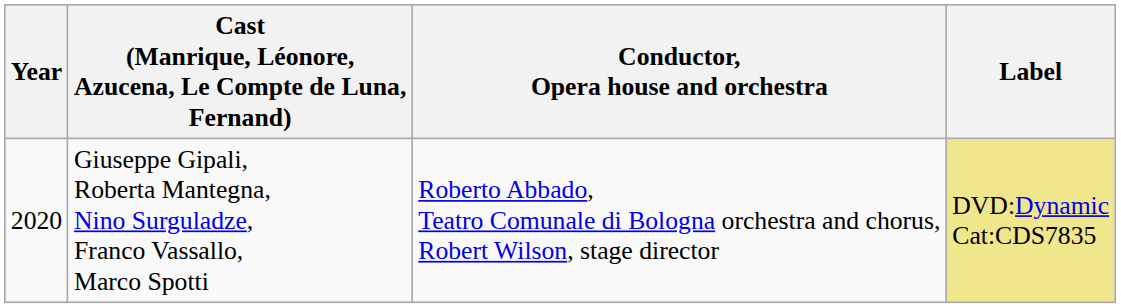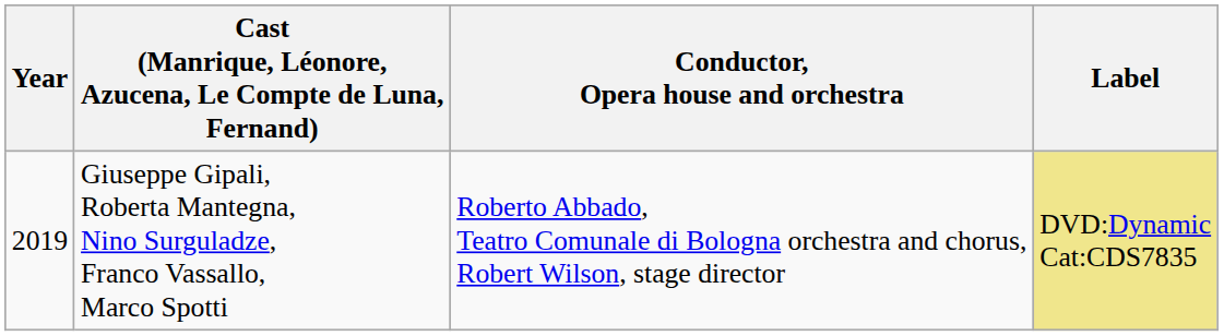 <table class="wikitable" style="font-size:95%;">
 <tr>
 <th>Year</th>
 <th Width="">Cast<br>(Manrique, Léonore,<br>Azucena, Le Compte de Luna,<br>Fernand)</th>
 <th>Conductor,<br>Opera house and orchestra</th>
 <th>Label</th>
 </tr>
 <tr>
-<td>2020</td>
+<td>2019</td>
 <td>Giuseppe Gipali,<br>Roberta Mantegna,<br><a href='#'>Nino Surguladze</a>,<br>Franco Vassallo,<br>Marco Spotti</td>
 <td><a href='#'>Roberto Abbado</a>,<br><a href='#'>Teatro Comunale di Bologna</a> orchestra and chorus,<br><a href='#'>Robert Wilson</a>, stage director</td>
 <td style="background: khaki;">DVD:<a href='#'>Dynamic</a><br>Cat:CDS7835</td>
 </tr>
 </table>
